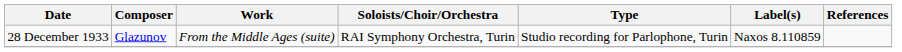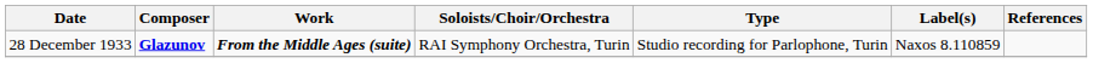 <table class="wikitable">
 <tr>
 <th>Date</th>
 <th>Composer</th>
 <th>Work</th>
 <th>Soloists/Choir/Orchestra</th>
 <th>Type</th>
 <th>Label(s)</th>
 <th>References</th>
 </tr>
 <tr>
 <td>28 December 1933</td>
-<td><a href='#'>Glazunov</a></td>
-<td><em>From the Middle Ages (suite)</em></td>
+<td><strong><a href='#'>Glazunov</a></strong></td>
+<td><strong><em>From the Middle Ages (suite)</em></strong></td>
 <td>RAI Symphony Orchestra, Turin</td>
 <td>Studio recording for Parlophone, Turin</td>
 <td>Naxos 8.110859</td>
 <td></td>
 </tr>
 <tr>
 </tr>
 </table>
